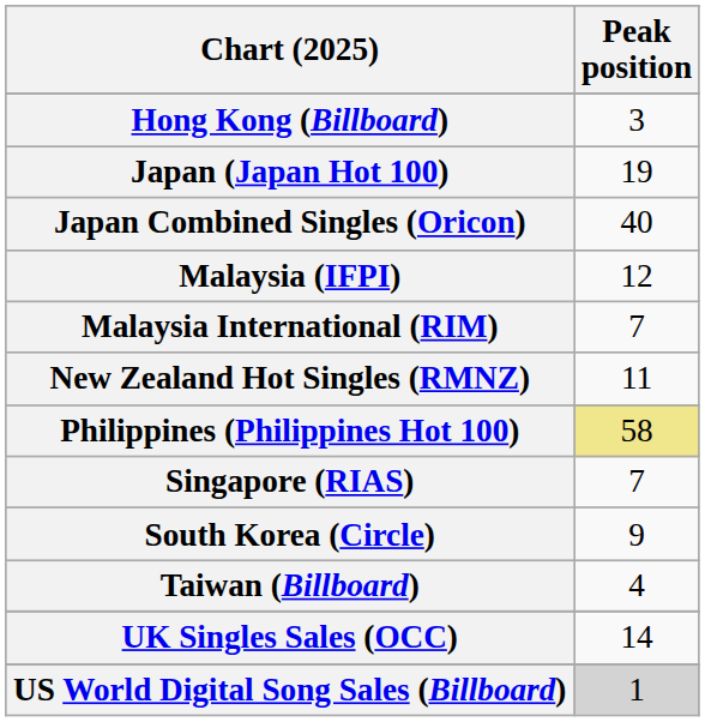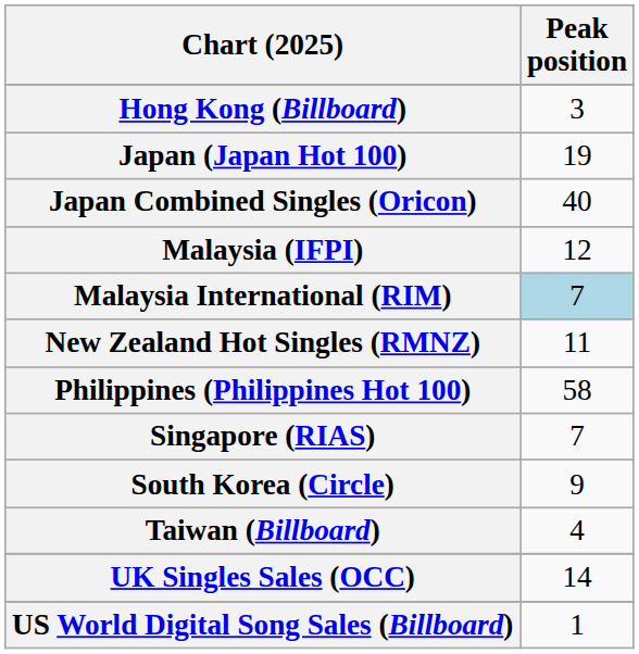 <table class="wikitable sortable plainrowheaders" style="text-align:center">
 <tr>
 <th scope="col">Chart (2025)</th>
 <th scope="col">Peak<br>position</th>
 </tr>
 <tr>
 </tr>
 <tr>
 </tr>
 <tr>
 <th scope="row"><a href='#'>Hong Kong</a> (<em><a href='#'>Billboard</a></em>)</th>
 <td>3</td>
 </tr>
 <tr>
 <th scope="row">Japan (<a href='#'>Japan Hot 100</a>)</th>
 <td>19</td>
 </tr>
 <tr>
 <th scope="row">Japan Combined Singles (<a href='#'>Oricon</a>)</th>
 <td>40</td>
 </tr>
 <tr>
 <th scope="row">Malaysia (<a href='#'>IFPI</a>)</th>
 <td>12</td>
 </tr>
 <tr>
 <th scope="row">Malaysia International (<a href='#'>RIM</a>)</th>
-<td>7</td>
+<td style="background: lightblue;">7</td>
 </tr>
 <tr>
 <th scope="row">New Zealand Hot Singles (<a href='#'>RMNZ</a>)</th>
 <td>11</td>
 </tr>
 <tr>
 <th scope="row">Philippines (<a href='#'>Philippines Hot 100</a>)</th>
-<td style="background: khaki;">58</td>
+<td>58</td>
 </tr>
 <tr>
 <th scope="row">Singapore (<a href='#'>RIAS</a>)</th>
 <td>7</td>
 </tr>
 <tr>
 <th scope="row">South Korea (<a href='#'>Circle</a>)</th>
 <td>9</td>
 </tr>
 <tr>
 <th scope="row">Taiwan (<em><a href='#'>Billboard</a></em>)</th>
 <td>4</td>
 </tr>
 <tr>
 </tr>
 <tr>
 </tr>
 <tr>
 <th scope="row"><a href='#'>UK Singles Sales</a> (<a href='#'>OCC</a>)</th>
 <td>14</td>
 </tr>
 <tr>
 </tr>
 <tr>
 <th scope="row">US <a href='#'>World Digital Song Sales</a> (<em><a href='#'>Billboard</a></em>)</th>
-<td style="background: lightgrey;">1</td>
+<td>1</td>
 </tr>
 </table>
